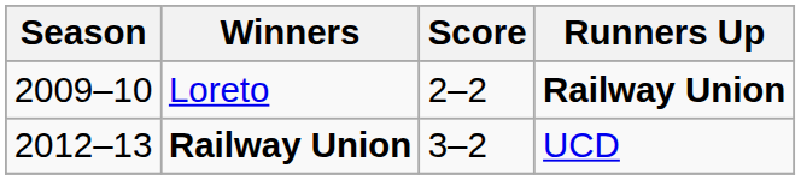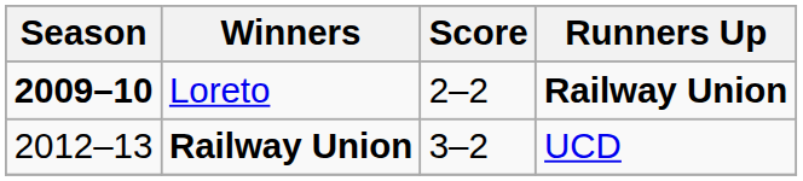 <table class="wikitable collapsible">
 <tr>
 <th>Season</th>
 <th>Winners</th>
 <th>Score</th>
 <th>Runners Up</th>
 </tr>
 <tr>
-<td>2009–10</td>
+<td><strong>2009–10</strong></td>
 <td><a href='#'>Loreto</a></td>
 <td>2–2 </td>
 <td><strong>Railway Union</strong></td>
 </tr>
 <tr>
 <td>2012–13</td>
 <td><strong>Railway Union</strong></td>
 <td>3–2</td>
 <td><a href='#'>UCD</a></td>
 </tr>
 <tr>
 </tr>
 </table>
